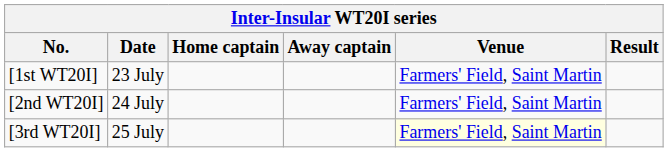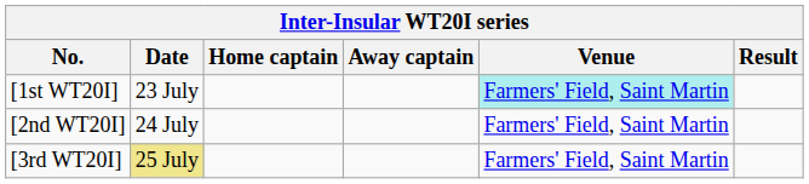 <table class="wikitable">
 <tr>
 <th colspan="9"><a href='#'>Inter-Insular</a> WT20I series</th>
 </tr>
 <tr>
 <th>No.</th>
 <th>Date</th>
 <th>Home captain</th>
 <th>Away captain</th>
 <th>Venue</th>
 <th>Result</th>
 </tr>
 <tr>
 <td>[1st WT20I]</td>
 <td>23 July</td>
 <td></td>
 <td></td>
-<td><a href='#'>Farmers' Field</a>, <a href='#'>Saint Martin</a></td>
+<td style="background: paleturquoise;"><a href='#'>Farmers' Field</a>, <a href='#'>Saint Martin</a></td>
 <td></td>
 </tr>
 <tr>
 <td>[2nd WT20I]</td>
 <td>24 July</td>
 <td></td>
 <td></td>
 <td><a href='#'>Farmers' Field</a>, <a href='#'>Saint Martin</a></td>
 <td></td>
 </tr>
 <tr>
 <td>[3rd WT20I]</td>
-<td>25 July</td>
+<td style="background: khaki;">25 July</td>
 <td></td>
 <td></td>
-<td style="background: lightyellow;"><a href='#'>Farmers' Field</a>, <a href='#'>Saint Martin</a></td>
+<td><a href='#'>Farmers' Field</a>, <a href='#'>Saint Martin</a></td>
 <td></td>
 </tr>
 </table>
